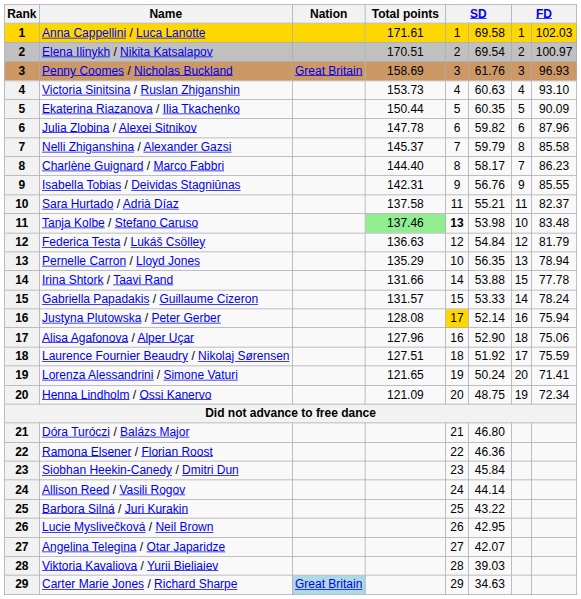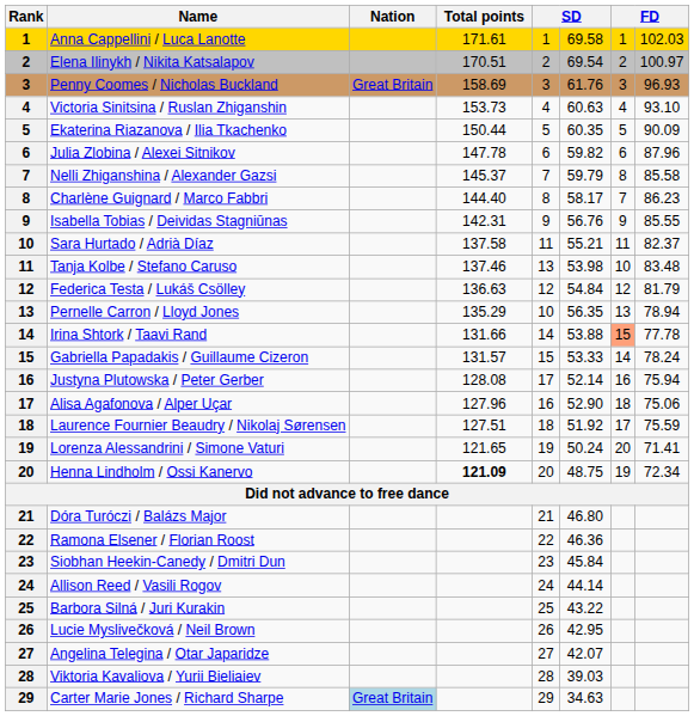 <table class="wikitable sortable">
 <tr>
 <th>Rank</th>
 <th>Name</th>
 <th>Nation</th>
 <th width="100px">Total points</th>
 <th colspan="2" width="80px"><a href='#'>SD</a></th>
 <th colspan="2" width="80px"><a href='#'>FD</a></th>
 </tr>
 <tr bgcolor="gold">
 <td align="center"><strong>1</strong></td>
 <td><a href='#'>Anna Cappellini</a> / <a href='#'>Luca Lanotte</a></td>
 <td></td>
 <td align="center">171.61</td>
 <td align="center">1</td>
 <td align="center">69.58</td>
 <td align="center">1</td>
 <td align="center">102.03</td>
 </tr>
 <tr bgcolor="silver">
 <td align="center"><strong>2</strong></td>
 <td><a href='#'>Elena Ilinykh</a> / <a href='#'>Nikita Katsalapov</a></td>
 <td></td>
 <td align="center">170.51</td>
 <td align="center">2</td>
 <td align="center">69.54</td>
 <td align="center">2</td>
 <td align="center">100.97</td>
 </tr>
 <tr bgcolor="cc9966">
 <td align="center"><strong>3</strong></td>
 <td><a href='#'>Penny Coomes</a> / <a href='#'>Nicholas Buckland</a></td>
 <td> <a href='#'>Great Britain</a></td>
 <td align="center">158.69</td>
 <td align="center">3</td>
 <td align="center">61.76</td>
 <td align="center">3</td>
 <td align="center">96.93</td>
 </tr>
 <tr>
 <th>4</th>
 <td><a href='#'>Victoria Sinitsina</a> / <a href='#'>Ruslan Zhiganshin</a></td>
 <td></td>
 <td align="center">153.73</td>
 <td align="center">4</td>
 <td align="center">60.63</td>
 <td align="center">4</td>
 <td align="center">93.10</td>
 </tr>
 <tr>
 <th>5</th>
 <td><a href='#'>Ekaterina Riazanova</a> / <a href='#'>Ilia Tkachenko</a></td>
 <td></td>
 <td align="center">150.44</td>
 <td align="center">5</td>
 <td align="center">60.35</td>
 <td align="center">5</td>
 <td align="center">90.09</td>
 </tr>
 <tr>
 <th>6</th>
 <td><a href='#'>Julia Zlobina</a> / <a href='#'>Alexei Sitnikov</a></td>
 <td></td>
 <td align="center">147.78</td>
 <td align="center">6</td>
 <td align="center">59.82</td>
 <td align="center">6</td>
 <td align="center">87.96</td>
 </tr>
 <tr>
 <th>7</th>
 <td><a href='#'>Nelli Zhiganshina</a> / <a href='#'>Alexander Gazsi</a></td>
 <td></td>
 <td align="center">145.37</td>
 <td align="center">7</td>
 <td align="center">59.79</td>
 <td align="center">8</td>
 <td align="center">85.58</td>
 </tr>
 <tr>
 <th>8</th>
 <td><a href='#'>Charlène Guignard</a> / <a href='#'>Marco Fabbri</a></td>
 <td></td>
 <td align="center">144.40</td>
 <td align="center">8</td>
 <td align="center">58.17</td>
 <td align="center">7</td>
 <td align="center">86.23</td>
 </tr>
 <tr>
 <th>9</th>
 <td><a href='#'>Isabella Tobias</a> / <a href='#'>Deividas Stagniūnas</a></td>
 <td></td>
 <td align="center">142.31</td>
 <td align="center">9</td>
 <td align="center">56.76</td>
 <td align="center">9</td>
 <td align="center">85.55</td>
 </tr>
 <tr>
 <th>10</th>
 <td><a href='#'>Sara Hurtado</a> / <a href='#'>Adrià Díaz</a></td>
 <td></td>
 <td align="center">137.58</td>
 <td align="center">11</td>
 <td align="center">55.21</td>
 <td align="center">11</td>
 <td align="center">82.37</td>
 </tr>
 <tr>
 <th>11</th>
 <td><a href='#'>Tanja Kolbe</a> / <a href='#'>Stefano Caruso</a></td>
 <td></td>
-<td align="center" style="background: lightgreen;">137.46</td>
-<td align="center"><strong>13</strong></td>
+<td align="center">137.46</td>
+<td align="center">13</td>
 <td align="center">53.98</td>
 <td align="center">10</td>
 <td align="center">83.48</td>
 </tr>
 <tr>
 <th>12</th>
 <td><a href='#'>Federica Testa</a> / <a href='#'>Lukáš Csölley</a></td>
 <td></td>
 <td align="center">136.63</td>
 <td align="center">12</td>
 <td align="center">54.84</td>
 <td align="center">12</td>
 <td align="center">81.79</td>
 </tr>
 <tr>
 <th>13</th>
 <td><a href='#'>Pernelle Carron</a> / <a href='#'>Lloyd Jones</a></td>
 <td></td>
 <td align="center">135.29</td>
 <td align="center">10</td>
 <td align="center">56.35</td>
 <td align="center">13</td>
 <td align="center">78.94</td>
 </tr>
 <tr>
 <th>14</th>
 <td><a href='#'>Irina Shtork</a> / <a href='#'>Taavi Rand</a></td>
 <td></td>
 <td align="center">131.66</td>
 <td align="center">14</td>
 <td align="center">53.88</td>
-<td align="center">15</td>
+<td align="center" style="background: lightsalmon;">15</td>
 <td align="center">77.78</td>
 </tr>
 <tr>
 <th>15</th>
 <td><a href='#'>Gabriella Papadakis</a> / <a href='#'>Guillaume Cizeron</a></td>
 <td></td>
 <td align="center">131.57</td>
 <td align="center">15</td>
 <td align="center">53.33</td>
 <td align="center">14</td>
 <td align="center">78.24</td>
 </tr>
 <tr>
 <th>16</th>
 <td><a href='#'>Justyna Plutowska</a> / <a href='#'>Peter Gerber</a></td>
 <td></td>
 <td align="center">128.08</td>
-<td align="center" style="background: gold;">17</td>
+<td align="center">17</td>
 <td align="center">52.14</td>
 <td align="center">16</td>
 <td align="center">75.94</td>
 </tr>
 <tr>
 <th>17</th>
 <td><a href='#'>Alisa Agafonova</a> / <a href='#'>Alper Uçar</a></td>
 <td></td>
 <td align="center">127.96</td>
 <td align="center">16</td>
 <td align="center">52.90</td>
 <td align="center">18</td>
 <td align="center">75.06</td>
 </tr>
 <tr>
 <th>18</th>
 <td><a href='#'>Laurence Fournier Beaudry</a> / <a href='#'>Nikolaj Sørensen</a></td>
 <td></td>
 <td align="center">127.51</td>
 <td align="center">18</td>
 <td align="center">51.92</td>
 <td align="center">17</td>
 <td align="center">75.59</td>
 </tr>
 <tr>
 <th>19</th>
 <td><a href='#'>Lorenza Alessandrini</a> / <a href='#'>Simone Vaturi</a></td>
 <td></td>
 <td align="center">121.65</td>
 <td align="center">19</td>
 <td align="center">50.24</td>
 <td align="center">20</td>
 <td align="center">71.41</td>
 </tr>
 <tr>
 <th>20</th>
 <td><a href='#'>Henna Lindholm</a> / <a href='#'>Ossi Kanervo</a></td>
 <td></td>
-<td align="center">121.09</td>
+<td align="center"><strong>121.09</strong></td>
 <td align="center">20</td>
 <td align="center">48.75</td>
 <td align="center">19</td>
 <td align="center">72.34</td>
 </tr>
 <tr>
 <th colspan=8>Did not advance to free dance</th>
 </tr>
 <tr>
 <th>21</th>
 <td><a href='#'>Dóra Turóczi</a> / <a href='#'>Balázs Major</a></td>
 <td></td>
 <td></td>
 <td align="center">21</td>
 <td align="center">46.80</td>
 <td></td>
 <td></td>
 </tr>
 <tr>
 <th>22</th>
 <td><a href='#'>Ramona Elsener</a> / <a href='#'>Florian Roost</a></td>
 <td></td>
 <td></td>
 <td align="center">22</td>
 <td align="center">46.36</td>
 <td></td>
 <td></td>
 </tr>
 <tr>
 <th>23</th>
 <td><a href='#'>Siobhan Heekin-Canedy</a> / <a href='#'>Dmitri Dun</a></td>
 <td></td>
 <td></td>
 <td align="center">23</td>
 <td align="center">45.84</td>
 <td></td>
 <td></td>
 </tr>
 <tr>
 <th>24</th>
 <td><a href='#'>Allison Reed</a> / <a href='#'>Vasili Rogov</a></td>
 <td></td>
 <td></td>
 <td align="center">24</td>
 <td align="center">44.14</td>
 <td></td>
 <td></td>
 </tr>
 <tr>
 <th>25</th>
 <td><a href='#'>Barbora Silná</a> / <a href='#'>Juri Kurakin</a></td>
 <td></td>
 <td></td>
 <td align="center">25</td>
 <td align="center">43.22</td>
 <td></td>
 <td></td>
 </tr>
 <tr>
 <th>26</th>
 <td><a href='#'>Lucie Myslivečková</a> / <a href='#'>Neil Brown</a></td>
 <td></td>
 <td></td>
 <td align="center">26</td>
 <td align="center">42.95</td>
 <td></td>
 <td></td>
 </tr>
 <tr>
 <th>27</th>
 <td><a href='#'>Angelina Telegina</a> / <a href='#'>Otar Japaridze</a></td>
 <td></td>
 <td></td>
 <td align="center">27</td>
 <td align="center">42.07</td>
 <td></td>
 <td></td>
 </tr>
 <tr>
 <th>28</th>
 <td><a href='#'>Viktoria Kavaliova</a> / <a href='#'>Yurii Bieliaiev</a></td>
 <td></td>
 <td></td>
 <td align="center">28</td>
 <td align="center">39.03</td>
 <td></td>
 <td></td>
 </tr>
 <tr>
 <th>29</th>
 <td><a href='#'>Carter Marie Jones</a> / <a href='#'>Richard Sharpe</a></td>
 <td style="background: lightblue;"> <a href='#'>Great Britain</a></td>
 <td></td>
 <td align="center">29</td>
 <td align="center">34.63</td>
 <td></td>
 <td></td>
 </tr>
 </table>
